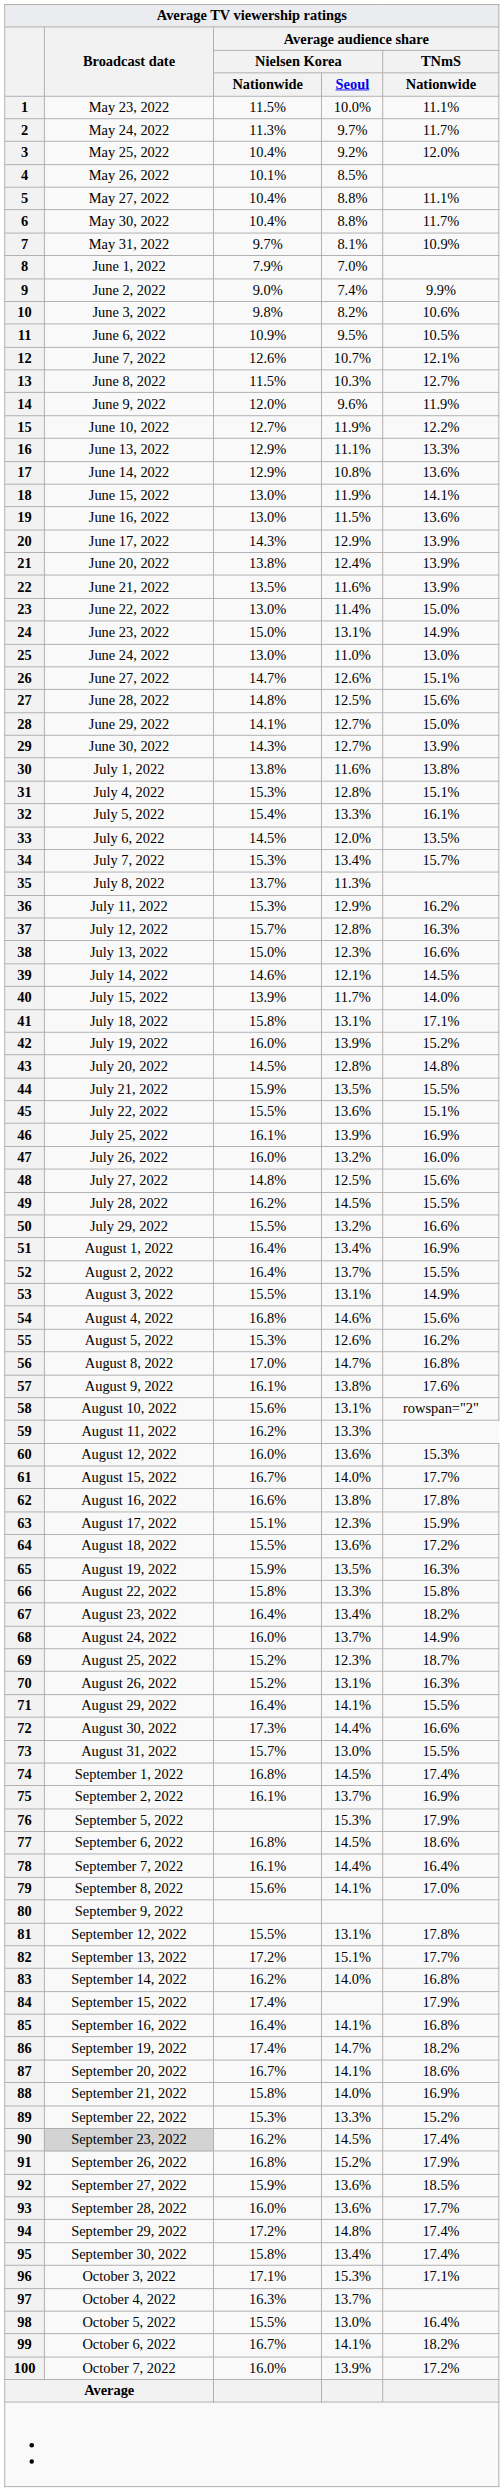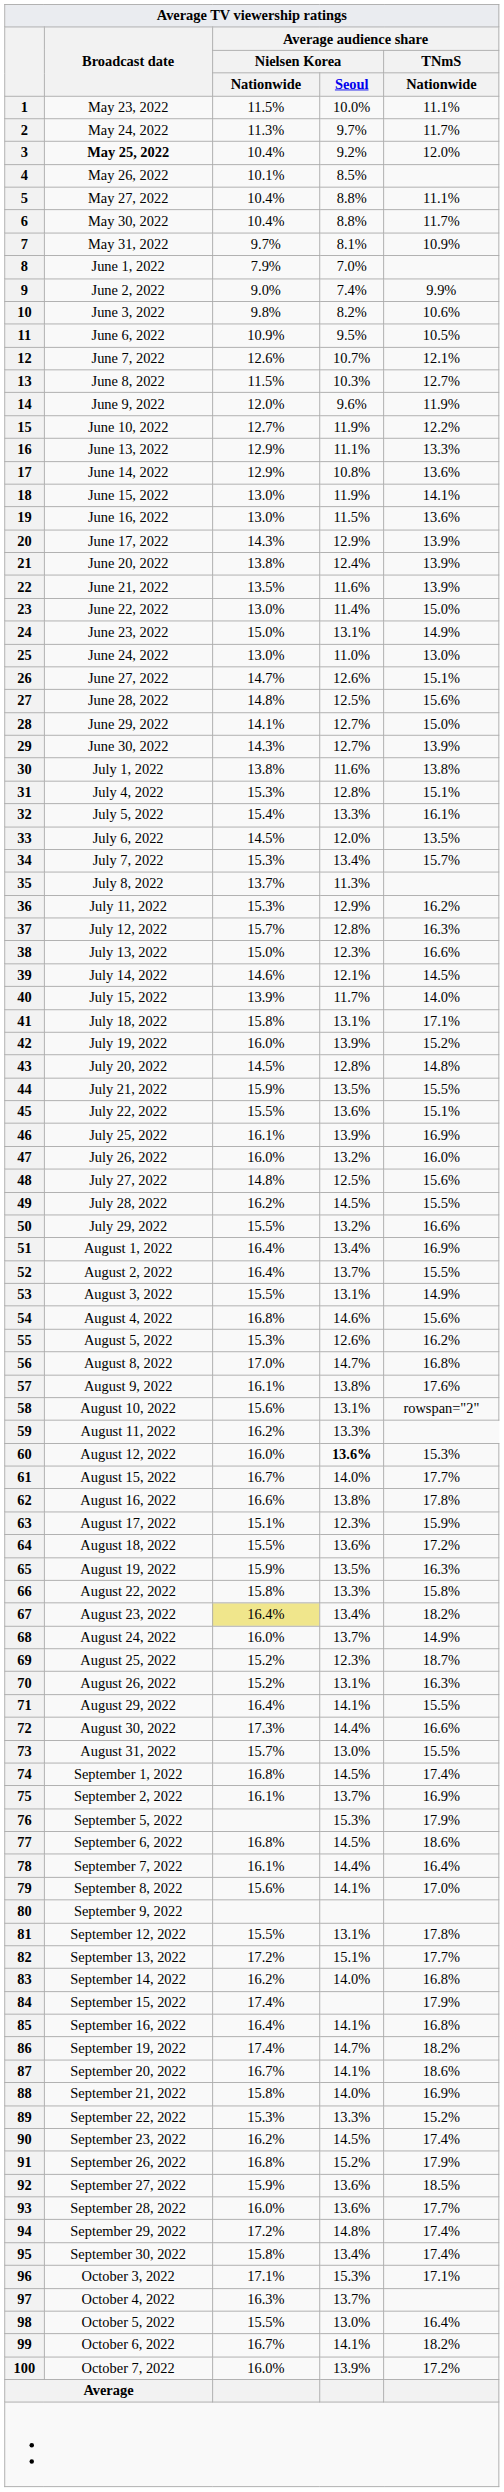 <table class="wikitable mw-collapsible mw-collapsed innercollapse" style="text-align:center; max-width:550px; margin-left: auto; margin-right: auto; border: none;">
 <tr>
 <th colspan="6" style="background:#EAECF0; color:black; text-align:center; width:550px;">Average TV viewership ratings</th>
 </tr>
 <tr>
 <th rowspan="3"></th>
 <th rowspan="3">Broadcast date</th>
 <th colspan="3">Average audience share</th>
 </tr>
 <tr>
 <th colspan="2">Nielsen Korea</th>
 <th>TNmS</th>
 </tr>
 <tr>
 <th>Nationwide</th>
 <th><a href='#'>Seoul</a></th>
 <th>Nationwide</th>
 </tr>
 <tr>
 <th>1</th>
 <td>May 23, 2022</td>
 <td>11.5% </td>
 <td>10.0% </td>
 <td>11.1% </td>
 </tr>
 <tr>
 <th>2</th>
 <td>May 24, 2022</td>
 <td>11.3% </td>
 <td>9.7% </td>
 <td>11.7% </td>
 </tr>
 <tr>
 <th>3</th>
-<td>May 25, 2022</td>
+<td><strong>May 25, 2022</strong></td>
 <td>10.4% </td>
 <td>9.2% </td>
 <td>12.0% </td>
 </tr>
 <tr>
 <th>4</th>
 <td>May 26, 2022</td>
 <td>10.1% </td>
 <td>8.5% </td>
 <td> </td>
 </tr>
 <tr>
 <th>5</th>
 <td>May 27, 2022</td>
 <td>10.4% </td>
 <td>8.8% </td>
 <td>11.1% </td>
 </tr>
 <tr>
 <th>6</th>
 <td>May 30, 2022</td>
 <td>10.4% </td>
 <td>8.8% </td>
 <td>11.7% </td>
 </tr>
 <tr>
 <th>7</th>
 <td>May 31, 2022</td>
 <td>9.7% </td>
 <td>8.1% </td>
 <td>10.9% </td>
 </tr>
 <tr>
 <th>8</th>
 <td>June 1, 2022</td>
 <td>7.9% </td>
 <td>7.0% </td>
 <td></td>
 </tr>
 <tr>
 <th>9</th>
 <td>June 2, 2022</td>
 <td>9.0% </td>
 <td>7.4% </td>
 <td>9.9% </td>
 </tr>
 <tr>
 <th>10</th>
 <td>June 3, 2022</td>
 <td>9.8% </td>
 <td>8.2% </td>
 <td>10.6% </td>
 </tr>
 <tr>
 <th>11</th>
 <td>June 6, 2022</td>
 <td>10.9% </td>
 <td>9.5% </td>
 <td>10.5% </td>
 </tr>
 <tr>
 <th>12</th>
 <td>June 7, 2022</td>
 <td>12.6% </td>
 <td>10.7% </td>
 <td>12.1% </td>
 </tr>
 <tr>
 <th>13</th>
 <td>June 8, 2022</td>
 <td>11.5% </td>
 <td>10.3% </td>
 <td>12.7% </td>
 </tr>
 <tr>
 <th>14</th>
 <td>June 9, 2022</td>
 <td>12.0% </td>
 <td>9.6% </td>
 <td>11.9% </td>
 </tr>
 <tr>
 <th>15</th>
 <td>June 10, 2022</td>
 <td>12.7% </td>
 <td>11.9% </td>
 <td>12.2% </td>
 </tr>
 <tr>
 <th>16</th>
 <td>June 13, 2022</td>
 <td>12.9% </td>
 <td>11.1% </td>
 <td>13.3% </td>
 </tr>
 <tr>
 <th>17</th>
 <td>June 14, 2022</td>
 <td>12.9% </td>
 <td>10.8% </td>
 <td>13.6% </td>
 </tr>
 <tr>
 <th>18</th>
 <td>June 15, 2022</td>
 <td>13.0% </td>
 <td>11.9% </td>
 <td>14.1% </td>
 </tr>
 <tr>
 <th>19</th>
 <td>June 16, 2022</td>
 <td>13.0% </td>
 <td>11.5% </td>
 <td>13.6% </td>
 </tr>
 <tr>
 <th>20</th>
 <td>June 17, 2022</td>
 <td>14.3% </td>
 <td>12.9% </td>
 <td>13.9% </td>
 </tr>
 <tr>
 <th>21</th>
 <td>June 20, 2022</td>
 <td>13.8% </td>
 <td>12.4% </td>
 <td>13.9% </td>
 </tr>
 <tr>
 <th>22</th>
 <td>June 21, 2022</td>
 <td>13.5% </td>
 <td>11.6% </td>
 <td>13.9% </td>
 </tr>
 <tr>
 <th>23</th>
 <td>June 22, 2022</td>
 <td>13.0% </td>
 <td>11.4% </td>
 <td>15.0% </td>
 </tr>
 <tr>
 <th>24</th>
 <td>June 23, 2022</td>
 <td>15.0% </td>
 <td>13.1% </td>
 <td>14.9% </td>
 </tr>
 <tr>
 <th>25</th>
 <td>June 24, 2022</td>
 <td>13.0% </td>
 <td>11.0% </td>
 <td>13.0% </td>
 </tr>
 <tr>
 <th>26</th>
 <td>June 27, 2022</td>
 <td>14.7% </td>
 <td>12.6% </td>
 <td>15.1% </td>
 </tr>
 <tr>
 <th>27</th>
 <td>June 28, 2022</td>
 <td>14.8% </td>
 <td>12.5% </td>
 <td>15.6% </td>
 </tr>
 <tr>
 <th>28</th>
 <td>June 29, 2022</td>
 <td>14.1% </td>
 <td>12.7% </td>
 <td>15.0% </td>
 </tr>
 <tr>
 <th>29</th>
 <td>June 30, 2022</td>
 <td>14.3% </td>
 <td>12.7% </td>
 <td>13.9% </td>
 </tr>
 <tr>
 <th>30</th>
 <td>July 1, 2022</td>
 <td>13.8% </td>
 <td>11.6% </td>
 <td>13.8% </td>
 </tr>
 <tr>
 <th>31</th>
 <td>July 4, 2022</td>
 <td>15.3% </td>
 <td>12.8% </td>
 <td>15.1% </td>
 </tr>
 <tr>
 <th>32</th>
 <td>July 5, 2022</td>
 <td>15.4% </td>
 <td>13.3% </td>
 <td>16.1% </td>
 </tr>
 <tr>
 <th>33</th>
 <td>July 6, 2022</td>
 <td>14.5% </td>
 <td>12.0% </td>
 <td>13.5% </td>
 </tr>
 <tr>
 <th>34</th>
 <td>July 7, 2022</td>
 <td>15.3% </td>
 <td>13.4% </td>
 <td>15.7% </td>
 </tr>
 <tr>
 <th>35</th>
 <td>July 8, 2022</td>
 <td>13.7% </td>
 <td>11.3% </td>
 <td></td>
 </tr>
 <tr>
 <th>36</th>
 <td>July 11, 2022</td>
 <td>15.3% </td>
 <td>12.9% </td>
 <td>16.2% </td>
 </tr>
 <tr>
 <th>37</th>
 <td>July 12, 2022</td>
 <td>15.7% </td>
 <td>12.8% </td>
 <td>16.3% </td>
 </tr>
 <tr>
 <th>38</th>
 <td>July 13, 2022</td>
 <td>15.0% </td>
 <td>12.3% </td>
 <td>16.6% </td>
 </tr>
 <tr>
 <th>39</th>
 <td>July 14, 2022</td>
 <td>14.6% </td>
 <td>12.1% </td>
 <td>14.5% </td>
 </tr>
 <tr>
 <th>40</th>
 <td>July 15, 2022</td>
 <td>13.9% </td>
 <td>11.7% </td>
 <td>14.0% </td>
 </tr>
 <tr>
 <th>41</th>
 <td>July 18, 2022</td>
 <td>15.8% </td>
 <td>13.1% </td>
 <td>17.1% </td>
 </tr>
 <tr>
 <th>42</th>
 <td>July 19, 2022</td>
 <td>16.0% </td>
 <td>13.9% </td>
 <td>15.2% </td>
 </tr>
 <tr>
 <th>43</th>
 <td>July 20, 2022</td>
 <td>14.5% </td>
 <td>12.8% </td>
 <td>14.8% </td>
 </tr>
 <tr>
 <th>44</th>
 <td>July 21, 2022</td>
 <td>15.9% </td>
 <td>13.5% </td>
 <td>15.5% </td>
 </tr>
 <tr>
 <th>45</th>
 <td>July 22, 2022</td>
 <td>15.5% </td>
 <td>13.6% </td>
 <td>15.1% </td>
 </tr>
 <tr>
 <th>46</th>
 <td>July 25, 2022</td>
 <td>16.1% </td>
 <td>13.9% </td>
 <td>16.9% </td>
 </tr>
 <tr>
 <th>47</th>
 <td>July 26, 2022</td>
 <td>16.0% </td>
 <td>13.2% </td>
 <td>16.0% </td>
 </tr>
 <tr>
 <th>48</th>
 <td>July 27, 2022</td>
 <td>14.8% </td>
 <td>12.5% </td>
 <td>15.6% </td>
 </tr>
 <tr>
 <th>49</th>
 <td>July 28, 2022</td>
 <td>16.2% </td>
 <td>14.5% </td>
 <td>15.5% </td>
 </tr>
 <tr>
 <th>50</th>
 <td>July 29, 2022</td>
 <td>15.5% </td>
 <td>13.2% </td>
 <td>16.6% </td>
 </tr>
 <tr>
 <th>51</th>
 <td>August 1, 2022</td>
 <td>16.4% </td>
 <td>13.4% </td>
 <td>16.9% </td>
 </tr>
 <tr>
 <th>52</th>
 <td>August 2, 2022</td>
 <td>16.4% </td>
 <td>13.7% </td>
 <td>15.5% </td>
 </tr>
 <tr>
 <th>53</th>
 <td>August 3, 2022</td>
 <td>15.5% </td>
 <td>13.1% </td>
 <td>14.9% </td>
 </tr>
 <tr>
 <th>54</th>
 <td>August 4, 2022</td>
 <td>16.8% </td>
 <td>14.6% </td>
 <td>15.6% </td>
 </tr>
 <tr>
 <th>55</th>
 <td>August 5, 2022</td>
 <td>15.3% </td>
 <td>12.6% </td>
 <td>16.2% </td>
 </tr>
 <tr>
 <th>56</th>
 <td>August 8, 2022</td>
 <td>17.0% </td>
 <td>14.7% </td>
 <td>16.8% </td>
 </tr>
 <tr>
 <th>57</th>
 <td>August 9, 2022</td>
 <td>16.1% </td>
 <td>13.8% </td>
 <td>17.6% </td>
 </tr>
 <tr>
 <th>58</th>
 <td>August 10, 2022</td>
 <td>15.6% </td>
 <td>13.1% </td>
 <td>rowspan="2" </td>
 </tr>
 <tr>
 <th>59</th>
 <td>August 11, 2022</td>
 <td>16.2% </td>
 <td>13.3% </td>
 </tr>
 <tr>
 <th>60</th>
 <td>August 12, 2022</td>
 <td>16.0% </td>
-<td>13.6% </td>
+<td><strong>13.6% </strong></td>
 <td>15.3% </td>
 </tr>
 <tr>
 <th>61</th>
 <td>August 15, 2022</td>
 <td>16.7% </td>
 <td>14.0% </td>
 <td>17.7% </td>
 </tr>
 <tr>
 <th>62</th>
 <td>August 16, 2022</td>
 <td>16.6% </td>
 <td>13.8% </td>
 <td>17.8% </td>
 </tr>
 <tr>
 <th>63</th>
 <td>August 17, 2022</td>
 <td>15.1% </td>
 <td>12.3% </td>
 <td>15.9% </td>
 </tr>
 <tr>
 <th>64</th>
 <td>August 18, 2022</td>
 <td>15.5% </td>
 <td>13.6% </td>
 <td>17.2% </td>
 </tr>
 <tr>
 <th>65</th>
 <td>August 19, 2022</td>
 <td>15.9% </td>
 <td>13.5% </td>
 <td>16.3% </td>
 </tr>
 <tr>
 <th>66</th>
 <td>August 22, 2022</td>
 <td>15.8% </td>
 <td>13.3% </td>
 <td>15.8% </td>
 </tr>
 <tr>
 <th>67</th>
 <td>August 23, 2022</td>
-<td>16.4% </td>
+<td style="background: khaki;">16.4% </td>
 <td>13.4% </td>
 <td>18.2% </td>
 </tr>
 <tr>
 <th>68</th>
 <td>August 24, 2022</td>
 <td>16.0% </td>
 <td>13.7% </td>
 <td>14.9% </td>
 </tr>
 <tr>
 <th>69</th>
 <td>August 25, 2022</td>
 <td>15.2% </td>
 <td>12.3% </td>
 <td>18.7% </td>
 </tr>
 <tr>
 <th>70</th>
 <td>August 26, 2022</td>
 <td>15.2% </td>
 <td>13.1% </td>
 <td>16.3% </td>
 </tr>
 <tr>
 <th>71</th>
 <td>August 29, 2022</td>
 <td>16.4% </td>
 <td>14.1% </td>
 <td>15.5% </td>
 </tr>
 <tr>
 <th>72</th>
 <td>August 30, 2022</td>
 <td>17.3% </td>
 <td>14.4% </td>
 <td>16.6% </td>
 </tr>
 <tr>
 <th>73</th>
 <td>August 31, 2022</td>
 <td>15.7% </td>
 <td>13.0% </td>
 <td>15.5% </td>
 </tr>
 <tr>
 <th>74</th>
 <td>September 1, 2022</td>
 <td>16.8% </td>
 <td>14.5% </td>
 <td>17.4% </td>
 </tr>
 <tr>
 <th>75</th>
 <td>September 2, 2022</td>
 <td>16.1% </td>
 <td>13.7% </td>
 <td>16.9% </td>
 </tr>
 <tr>
 <th>76</th>
 <td>September 5, 2022</td>
 <td> </td>
 <td>15.3% </td>
 <td>17.9% </td>
 </tr>
 <tr>
 <th>77</th>
 <td>September 6, 2022</td>
 <td>16.8% </td>
 <td>14.5% </td>
 <td>18.6% </td>
 </tr>
 <tr>
 <th>78</th>
 <td>September 7, 2022</td>
 <td>16.1% </td>
 <td>14.4% </td>
 <td>16.4% </td>
 </tr>
 <tr>
 <th>79</th>
 <td>September 8, 2022</td>
 <td>15.6% </td>
 <td>14.1% </td>
 <td>17.0% </td>
 </tr>
 <tr>
 <th>80</th>
 <td>September 9, 2022</td>
 <td> </td>
 <td> </td>
 <td></td>
 </tr>
 <tr>
 <th>81</th>
 <td>September 12, 2022</td>
 <td>15.5% </td>
 <td>13.1% </td>
 <td>17.8% </td>
 </tr>
 <tr>
 <th>82</th>
 <td>September 13, 2022</td>
 <td>17.2% </td>
 <td>15.1% </td>
 <td>17.7% </td>
 </tr>
 <tr>
 <th>83</th>
 <td>September 14, 2022</td>
 <td>16.2% </td>
 <td>14.0% </td>
 <td>16.8% </td>
 </tr>
 <tr>
 <th>84</th>
 <td>September 15, 2022</td>
 <td>17.4% </td>
 <td> </td>
 <td>17.9% </td>
 </tr>
 <tr>
 <th>85</th>
 <td>September 16, 2022</td>
 <td>16.4% </td>
 <td>14.1% </td>
 <td>16.8% </td>
 </tr>
 <tr>
 <th>86</th>
 <td>September 19, 2022</td>
 <td>17.4% </td>
 <td>14.7% </td>
 <td>18.2% </td>
 </tr>
 <tr>
 <th>87</th>
 <td>September 20, 2022</td>
 <td>16.7% </td>
 <td>14.1% </td>
 <td>18.6% </td>
 </tr>
 <tr>
 <th>88</th>
 <td>September 21, 2022</td>
 <td>15.8% </td>
 <td>14.0% </td>
 <td>16.9% </td>
 </tr>
 <tr>
 <th>89</th>
 <td>September 22, 2022</td>
 <td>15.3% </td>
 <td>13.3% </td>
 <td>15.2% </td>
 </tr>
 <tr>
 <th>90</th>
-<td style="background: lightgrey;">September 23, 2022</td>
+<td>September 23, 2022</td>
 <td>16.2% </td>
 <td>14.5% </td>
 <td>17.4% </td>
 </tr>
 <tr>
 <th>91</th>
 <td>September 26, 2022</td>
 <td>16.8% </td>
 <td>15.2% </td>
 <td>17.9% </td>
 </tr>
 <tr>
 <th>92</th>
 <td>September 27, 2022</td>
 <td>15.9% </td>
 <td>13.6% </td>
 <td>18.5% </td>
 </tr>
 <tr>
 <th>93</th>
 <td>September 28, 2022</td>
 <td>16.0% </td>
 <td>13.6% </td>
 <td>17.7% </td>
 </tr>
 <tr>
 <th>94</th>
 <td>September 29, 2022</td>
 <td>17.2% </td>
 <td>14.8% </td>
 <td>17.4% </td>
 </tr>
 <tr>
 <th>95</th>
 <td>September 30, 2022</td>
 <td>15.8% </td>
 <td>13.4% </td>
 <td>17.4% </td>
 </tr>
 <tr>
 <th>96</th>
 <td>October 3, 2022</td>
 <td>17.1% </td>
 <td>15.3% </td>
 <td>17.1% </td>
 </tr>
 <tr>
 <th>97</th>
 <td>October 4, 2022</td>
 <td>16.3% </td>
 <td>13.7% </td>
 <td> </td>
 </tr>
 <tr>
 <th>98</th>
 <td>October 5, 2022</td>
 <td>15.5% </td>
 <td>13.0% </td>
 <td>16.4% </td>
 </tr>
 <tr>
 <th>99</th>
 <td>October 6, 2022</td>
 <td>16.7% </td>
 <td>14.1% </td>
 <td>18.2% </td>
 </tr>
 <tr>
 <th>100</th>
 <td>October 7, 2022</td>
 <td>16.0% </td>
 <td>13.9% </td>
 <td>17.2% </td>
 </tr>
 <tr>
 <th colspan="2">Average</th>
 <th></th>
 <th></th>
 <th></th>
 </tr>
 <tr>
 <td colspan="6"><br><ul><li></li><li></li></ul></td>
 </tr>
 </table>
